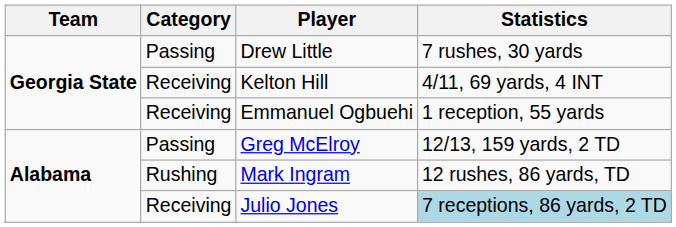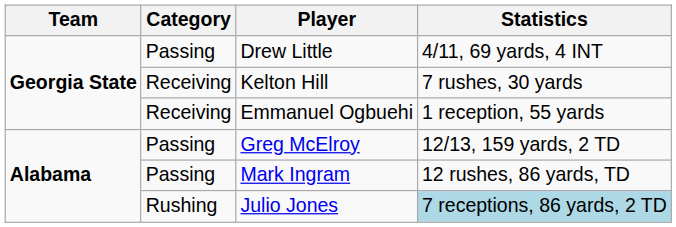 <table class="wikitable" style="float: right;">
 <tr>
 <th>Team</th>
 <th>Category</th>
 <th>Player</th>
 <th>Statistics</th>
 </tr>
 <tr>
 <td rowspan=3><strong>Georgia State</strong></td>
 <td>Passing</td>
 <td>Drew Little</td>
-<td>7 rushes, 30 yards</td>
+<td>4/11, 69 yards, 4 INT</td>
 </tr>
 <tr>
 <td>Receiving</td>
 <td>Kelton Hill</td>
-<td>4/11, 69 yards, 4 INT</td>
+<td>7 rushes, 30 yards</td>
 </tr>
 <tr>
 <td>Receiving</td>
 <td>Emmanuel Ogbuehi</td>
 <td>1 reception, 55 yards</td>
 </tr>
 <tr>
 <td rowspan=3><strong>Alabama</strong></td>
 <td>Passing</td>
 <td><a href='#'>Greg McElroy</a></td>
 <td>12/13, 159 yards, 2 TD</td>
 </tr>
 <tr>
-<td>Rushing</td>
+<td>Passing</td>
 <td><a href='#'>Mark Ingram</a></td>
 <td>12 rushes, 86 yards, TD</td>
 </tr>
 <tr>
-<td>Receiving</td>
+<td>Rushing</td>
 <td><a href='#'>Julio Jones</a></td>
 <td style="background: lightblue;">7 receptions, 86 yards, 2 TD</td>
 </tr>
 </table>
